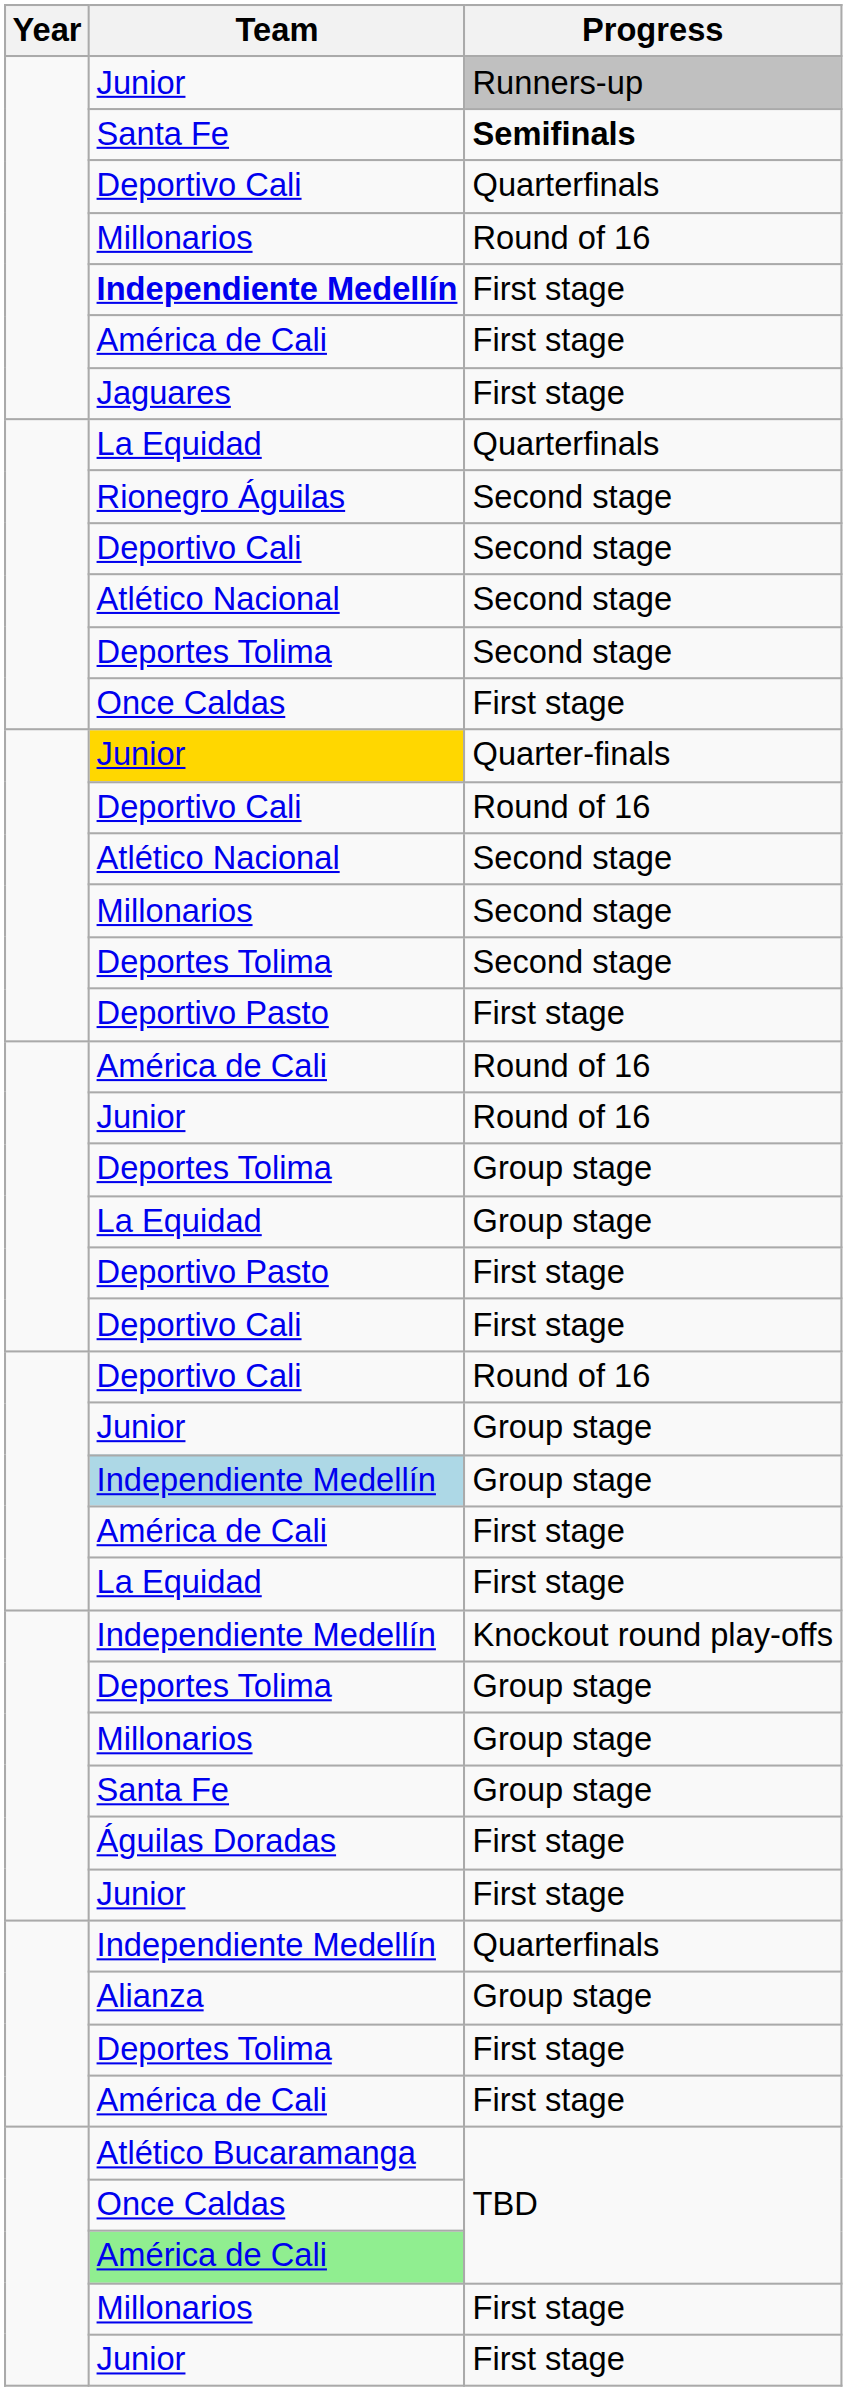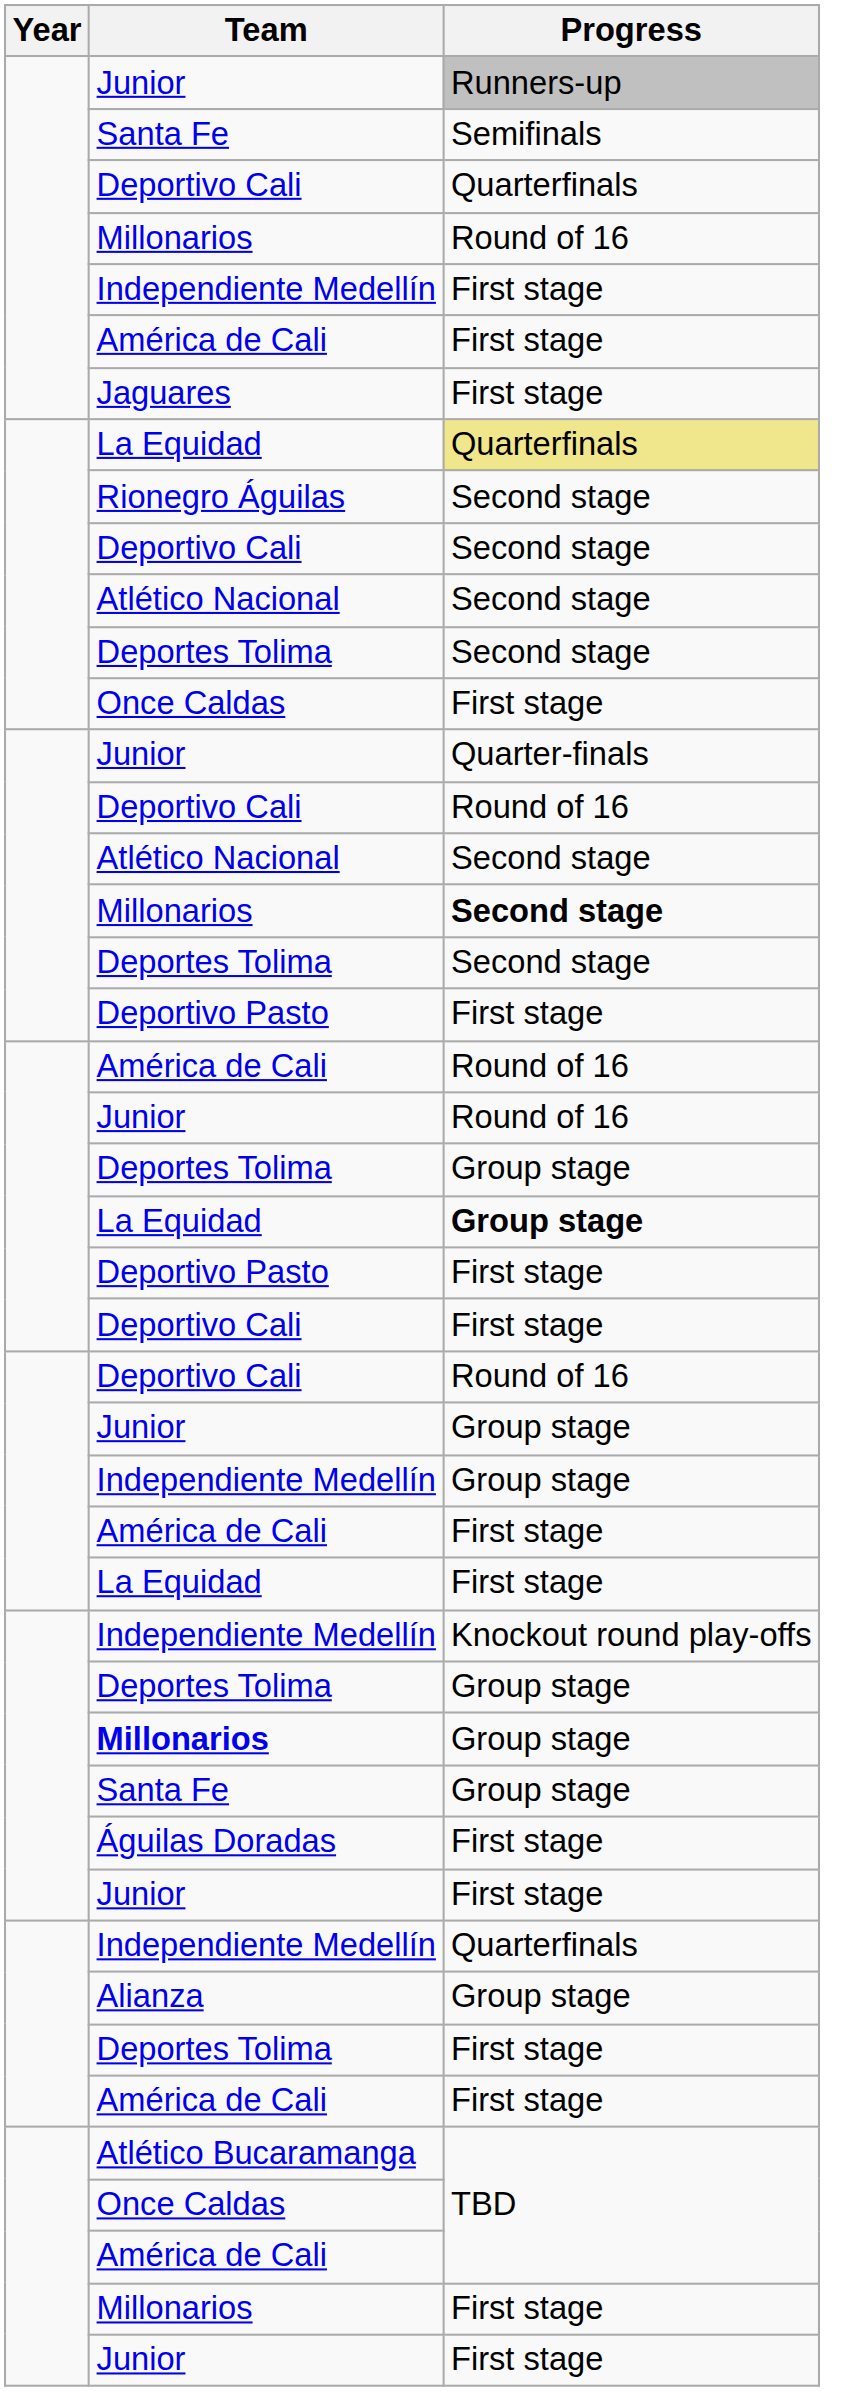 <table class="wikitable">
 <tr>
 <th>Year</th>
 <th>Team</th>
 <th>Progress</th>
 </tr>
 <tr align=left>
 <td rowspan=7></td>
 <td><a href='#'>Junior</a></td>
 <td bgcolor="Silver">Runners-up</td>
 </tr>
 <tr align=left>
 <td><a href='#'>Santa Fe</a></td>
-<td><strong>Semifinals</strong></td>
+<td>Semifinals</td>
 </tr>
 <tr align=left>
 <td><a href='#'>Deportivo Cali</a></td>
 <td>Quarterfinals</td>
 </tr>
 <tr align=left>
 <td><a href='#'>Millonarios</a></td>
 <td>Round of 16</td>
 </tr>
 <tr align=left>
-<td><strong><a href='#'>Independiente Medellín</a></strong></td>
+<td><a href='#'>Independiente Medellín</a></td>
 <td>First stage</td>
 </tr>
 <tr align=left>
 <td><a href='#'>América de Cali</a></td>
 <td>First stage</td>
 </tr>
 <tr align=left>
 <td><a href='#'>Jaguares</a></td>
 <td>First stage</td>
 </tr>
 <tr align=left>
 <td rowspan=6></td>
 <td><a href='#'>La Equidad</a></td>
-<td>Quarterfinals</td>
+<td style="background: khaki;">Quarterfinals</td>
 </tr>
 <tr align=left>
 <td><a href='#'>Rionegro Águilas</a></td>
 <td>Second stage</td>
 </tr>
 <tr align=left>
 <td><a href='#'>Deportivo Cali</a></td>
 <td>Second stage</td>
 </tr>
 <tr align=left>
 <td><a href='#'>Atlético Nacional</a></td>
 <td>Second stage</td>
 </tr>
 <tr align=left>
 <td><a href='#'>Deportes Tolima</a></td>
 <td>Second stage</td>
 </tr>
 <tr align=left>
 <td><a href='#'>Once Caldas</a></td>
 <td>First stage</td>
 </tr>
 <tr align=left>
 <td rowspan=6></td>
-<td style="background: gold;"><a href='#'>Junior</a></td>
+<td><a href='#'>Junior</a></td>
 <td>Quarter-finals</td>
 </tr>
 <tr align=left>
 <td><a href='#'>Deportivo Cali</a></td>
 <td>Round of 16</td>
 </tr>
 <tr align=left>
 <td><a href='#'>Atlético Nacional</a></td>
 <td>Second stage</td>
 </tr>
 <tr align=left>
 <td><a href='#'>Millonarios</a></td>
-<td>Second stage</td>
+<td><strong>Second stage</strong></td>
 </tr>
 <tr align=left>
 <td><a href='#'>Deportes Tolima</a></td>
 <td>Second stage</td>
 </tr>
 <tr align=left>
 <td><a href='#'>Deportivo Pasto</a></td>
 <td>First stage</td>
 </tr>
 <tr align=left>
 <td rowspan=6></td>
 <td><a href='#'>América de Cali</a></td>
 <td>Round of 16</td>
 </tr>
 <tr align=left>
 <td><a href='#'>Junior</a></td>
 <td>Round of 16</td>
 </tr>
 <tr align=left>
 <td><a href='#'>Deportes Tolima</a></td>
 <td>Group stage</td>
 </tr>
 <tr align=left>
 <td><a href='#'>La Equidad</a></td>
-<td>Group stage</td>
+<td><strong>Group stage</strong></td>
 </tr>
 <tr align=left>
 <td><a href='#'>Deportivo Pasto</a></td>
 <td>First stage</td>
 </tr>
 <tr align=left>
 <td><a href='#'>Deportivo Cali</a></td>
 <td>First stage</td>
 </tr>
 <tr align=left>
 <td rowspan=5></td>
 <td><a href='#'>Deportivo Cali</a></td>
 <td>Round of 16</td>
 </tr>
 <tr align=left>
 <td><a href='#'>Junior</a></td>
 <td>Group stage</td>
 </tr>
 <tr align=left>
-<td style="background: lightblue;"><a href='#'>Independiente Medellín</a></td>
+<td><a href='#'>Independiente Medellín</a></td>
 <td>Group stage</td>
 </tr>
 <tr align=left>
 <td><a href='#'>América de Cali</a></td>
 <td>First stage</td>
 </tr>
 <tr align=left>
 <td><a href='#'>La Equidad</a></td>
 <td>First stage</td>
 </tr>
 <tr align=left>
 <td rowspan=6></td>
 <td><a href='#'>Independiente Medellín</a></td>
 <td>Knockout round play-offs</td>
 </tr>
 <tr align=left>
 <td><a href='#'>Deportes Tolima</a></td>
 <td>Group stage</td>
 </tr>
 <tr align=left>
-<td><a href='#'>Millonarios</a></td>
+<td><strong><a href='#'>Millonarios</a></strong></td>
 <td>Group stage</td>
 </tr>
 <tr align=left>
 <td><a href='#'>Santa Fe</a></td>
 <td>Group stage</td>
 </tr>
 <tr align=left>
 <td><a href='#'>Águilas Doradas</a></td>
 <td>First stage</td>
 </tr>
 <tr align=left>
 <td><a href='#'>Junior</a></td>
 <td>First stage</td>
 </tr>
 <tr align=left>
 <td rowspan=4></td>
 <td><a href='#'>Independiente Medellín</a></td>
 <td>Quarterfinals</td>
 </tr>
 <tr align=left>
 <td><a href='#'>Alianza</a></td>
 <td>Group stage</td>
 </tr>
 <tr align=left>
 <td><a href='#'>Deportes Tolima</a></td>
 <td>First stage</td>
 </tr>
 <tr align=left>
 <td><a href='#'>América de Cali</a></td>
 <td>First stage</td>
 </tr>
 <tr align=left>
 <td rowspan=5></td>
 <td><a href='#'>Atlético Bucaramanga</a></td>
 <td rowspan=3>TBD</td>
 </tr>
 <tr align=left>
 <td><a href='#'>Once Caldas</a></td>
 </tr>
 <tr align=left>
-<td style="background: lightgreen;"><a href='#'>América de Cali</a></td>
+<td><a href='#'>América de Cali</a></td>
 </tr>
 <tr align=left>
 <td><a href='#'>Millonarios</a></td>
 <td>First stage</td>
 </tr>
 <tr align=left>
 <td><a href='#'>Junior</a></td>
 <td>First stage</td>
 </tr>
 </table>
